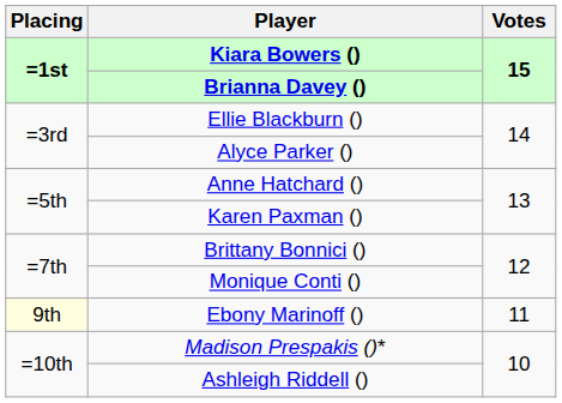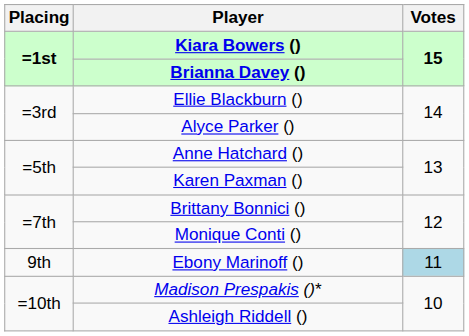 <table class="wikitable" style="margin:1em auto; text-align:center;">
 <tr>
 <th style=width:50px>Placing</th>
 <th style=width:300px>Player</th>
 <th style=width:50px>Votes</th>
 </tr>
 <tr style=background:#cfc>
 <td rowspan=2><strong>=1st</strong></td>
 <td><strong><a href='#'>Kiara Bowers</a> ()</strong></td>
 <td rowspan=2><strong>15</strong></td>
 </tr>
 <tr style=background:#cfc>
 <td><strong><a href='#'>Brianna Davey</a> ()</strong></td>
 </tr>
 <tr>
 <td rowspan=2>=3rd</td>
 <td><a href='#'>Ellie Blackburn</a> ()</td>
 <td rowspan=2>14</td>
 </tr>
 <tr>
 <td><a href='#'>Alyce Parker</a> ()</td>
 </tr>
 <tr>
 <td rowspan=2>=5th</td>
 <td><a href='#'>Anne Hatchard</a> ()</td>
 <td rowspan=2>13</td>
 </tr>
 <tr>
 <td><a href='#'>Karen Paxman</a> ()</td>
 </tr>
 <tr>
 <td rowspan=2>=7th</td>
 <td><a href='#'>Brittany Bonnici</a> ()</td>
 <td rowspan=2>12</td>
 </tr>
 <tr>
 <td><a href='#'>Monique Conti</a> ()</td>
 </tr>
 <tr>
-<td style="background: lightyellow;">9th</td>
+<td>9th</td>
 <td><a href='#'>Ebony Marinoff</a> ()</td>
-<td>11</td>
+<td style="background: lightblue;">11</td>
 </tr>
 <tr>
 <td rowspan=2>=10th</td>
 <td><em><a href='#'>Madison Prespakis</a> ()</em>*</td>
 <td rowspan=2>10</td>
 </tr>
 <tr>
 <td><a href='#'>Ashleigh Riddell</a> ()</td>
 </tr>
 </table>
